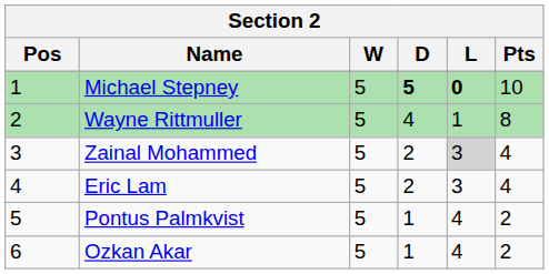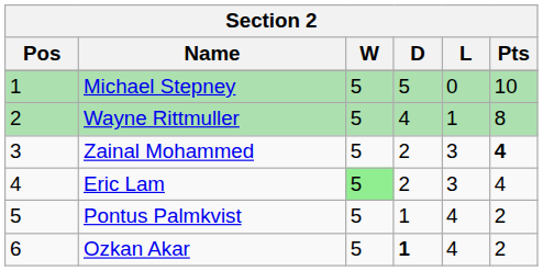 <table class="wikitable">
 <tr>
 <th colspan="6">Section 2</th>
 </tr>
 <tr>
 <th width=50>Pos</th>
 <th width=200>Name</th>
 <th width=30>W</th>
 <th width=30>D</th>
 <th width=30>L</th>
 <th width=30>Pts</th>
 </tr>
 <tr>
 </tr>
 <tr style="background:#ACE1AF;">
 <td>1</td>
 <td> <a href='#'>Michael Stepney</a></td>
 <td>5</td>
-<td><strong>5</strong></td>
-<td><strong>0</strong></td>
+<td>5</td>
+<td>0</td>
 <td>10</td>
 </tr>
 <tr style="background:#ACE1AF;">
 <td>2</td>
 <td> <a href='#'>Wayne Rittmuller</a></td>
 <td>5</td>
 <td>4</td>
 <td>1</td>
 <td>8</td>
 </tr>
 <tr>
 <td>3</td>
 <td> <a href='#'>Zainal Mohammed</a></td>
 <td>5</td>
 <td>2</td>
-<td style="background: lightgrey;">3</td>
-<td>4</td>
+<td>3</td>
+<td><strong>4</strong></td>
 </tr>
 <tr>
 <td>4</td>
 <td> <a href='#'>Eric Lam</a></td>
-<td>5</td>
+<td style="background: lightgreen;">5</td>
 <td>2</td>
 <td>3</td>
 <td>4</td>
 </tr>
 <tr>
 <td>5</td>
 <td> <a href='#'>Pontus Palmkvist</a></td>
 <td>5</td>
 <td>1</td>
 <td>4</td>
 <td>2</td>
 </tr>
 <tr>
 <td>6</td>
 <td> <a href='#'>Ozkan Akar</a></td>
 <td>5</td>
-<td>1</td>
+<td><strong>1</strong></td>
 <td>4</td>
 <td>2</td>
 </tr>
 </table>
